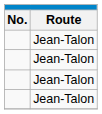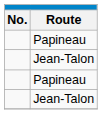 <table align=center class="wikitable">
 <tr>
 <th style="background: #0085CA; font-size:100%; color:#FFFFFF;"colspan="4"><a href='#'></a></th>
 </tr>
 <tr>
 <th>No.</th>
 <th>Route</th>
 </tr>
 <tr>
 <td {{Avoid wrap> </td>
-<td>Jean-Talon</td>
+<td>Papineau</td>
 </tr>
 <tr>
 <td></td>
 <td>Jean-Talon</td>
 </tr>
 <tr>
 <td {{Avoid wrap> </td>
-<td>Jean-Talon</td>
+<td>Papineau</td>
 </tr>
 <tr>
 <td {{Avoid wrap> </td>
 <td>Jean-Talon</td>
 </tr>
 <tr>
 </tr>
 </table>
